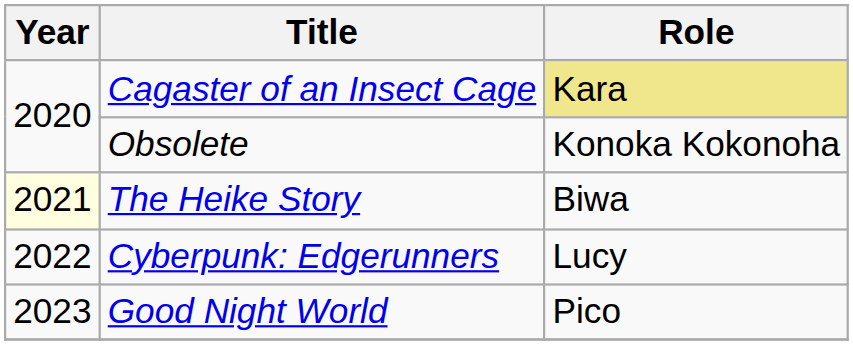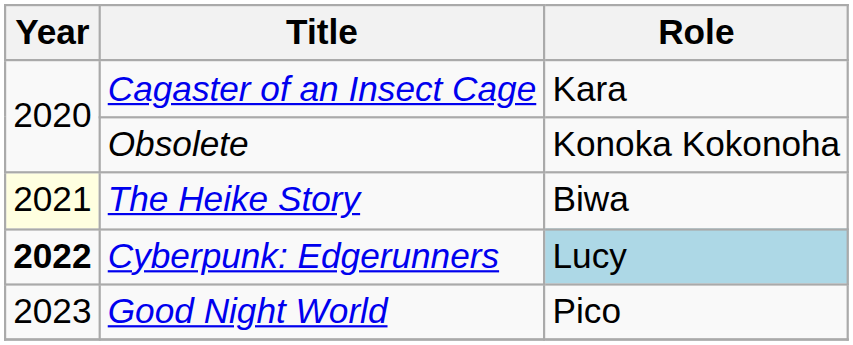 <table class="wikitable">
 <tr>
 <th>Year</th>
 <th>Title</th>
 <th>Role</th>
 </tr>
 <tr>
 <td rowspan="2">2020</td>
 <td><em><a href='#'>Cagaster of an Insect Cage</a></em></td>
-<td style="background: khaki;">Kara</td>
+<td>Kara</td>
 </tr>
 <tr>
 <td><em>Obsolete</em></td>
 <td>Konoka Kokonoha</td>
 </tr>
 <tr>
 <td style="background: lightyellow;">2021</td>
 <td><em><a href='#'>The Heike Story</a></em></td>
 <td>Biwa</td>
 </tr>
 <tr>
-<td>2022</td>
+<td><strong>2022</strong></td>
 <td><em><a href='#'>Cyberpunk: Edgerunners</a></em></td>
-<td>Lucy</td>
+<td style="background: lightblue;">Lucy</td>
 </tr>
 <tr>
 <td>2023</td>
 <td><em><a href='#'>Good Night World</a></em></td>
 <td>Pico</td>
 </tr>
 <tr>
 </tr>
 </table>
